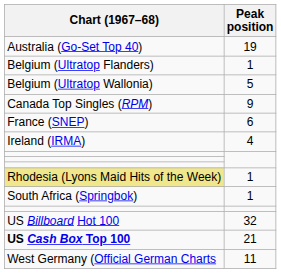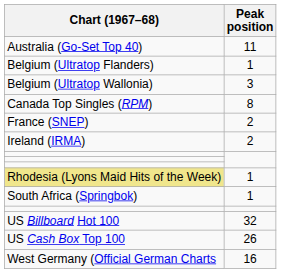 <table class="wikitable sortable">
 <tr>
 <th>Chart (1967–68)</th>
 <th>Peak<br>position</th>
 </tr>
 <tr>
 <td>Australia (<a href='#'>Go-Set Top 40</a>)</td>
-<td style="text-align:center;">19</td>
+<td style="text-align:center;">11</td>
 </tr>
 <tr>
 <td>Belgium (<a href='#'>Ultratop</a> Flanders)</td>
 <td style="text-align:center;">1</td>
 </tr>
 <tr>
 <td>Belgium (<a href='#'>Ultratop</a> Wallonia)</td>
-<td style="text-align:center;">5</td>
+<td style="text-align:center;">3</td>
 </tr>
 <tr>
 <td>Canada Top Singles (<a href='#'><em>RPM</em></a>)</td>
-<td style="text-align:center;">9</td>
+<td style="text-align:center;">8</td>
 </tr>
 <tr>
 <td>France (<a href='#'>SNEP</a>)</td>
-<td style="text-align:center;">6</td>
+<td style="text-align:center;">2</td>
 </tr>
 <tr>
 <td>Ireland (<a href='#'>IRMA</a>)</td>
-<td style="text-align:center;">4</td>
+<td style="text-align:center;">2</td>
 </tr>
 <tr>
 <td></td>
 </tr>
 <tr>
 <td></td>
 </tr>
 <tr>
 <td></td>
 </tr>
 <tr>
 <td style="background: khaki;">Rhodesia (Lyons Maid Hits of the Week)</td>
 <td style="text-align:center;">1</td>
 </tr>
 <tr>
 <td>South Africa (<a href='#'>Springbok</a>)</td>
 <td style="text-align:center;">1</td>
 </tr>
 <tr>
 <td></td>
 </tr>
 <tr>
 <td>US <em><a href='#'>Billboard</a></em> <a href='#'>Hot 100</a></td>
 <td style="text-align:center;">32</td>
 </tr>
 <tr>
-<td><strong>US <a href='#'><em>Cash Box</em> Top 100</a></strong></td>
-<td style="text-align:center;">21</td>
+<td>US <a href='#'><em>Cash Box</em> Top 100</a></td>
+<td style="text-align:center;">26</td>
 </tr>
 <tr>
 <td>West Germany (<a href='#'>Official German Charts</a></td>
-<td style="text-align:center;">11</td>
+<td style="text-align:center;">16</td>
 </tr>
 </table>
